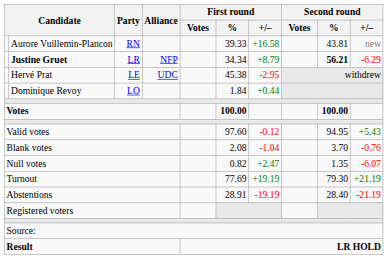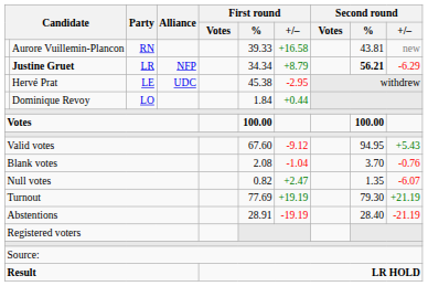 <table class="wikitable" style="text-align:right;font-size:95%;">
 <tr>
 <th rowspan="2" colspan="2">Candidate</th>
 <th colspan="1" rowspan="2">Party</th>
 <th colspan="1" rowspan="2">Alliance</th>
 <th colspan="3">First round</th>
 <th colspan="3">Second round</th>
 </tr>
 <tr>
 <th style="width:50px;">Votes</th>
 <th style="width:45px;">%</th>
 <th style="width:45px;">+/–</th>
 <th style="width:50px;">Votes</th>
 <th style="width:45px;">%</th>
 <th style="width:45px;">+/–</th>
 </tr>
 <tr>
 <td style="color:inherit;background:"></td>
 <td style="text-align:left;">Aurore Vuillemin-Plancon</td>
 <td><a href='#'>RN</a></td>
 <td></td>
 <td></td>
 <td>39.33</td>
 <td style="color:green;">+16.58</td>
 <td></td>
 <td>43.81</td>
 <td style="color:grey;">new</td>
 </tr>
 <tr>
 <td style="color:inherit;background:"></td>
 <td style="text-align:left;"><strong>Justine Gruet</strong></td>
 <td><a href='#'>LR</a></td>
 <td><a href='#'>NFP</a></td>
 <td></td>
 <td>34.34</td>
 <td style="color:green;">+8.79</td>
 <td><strong></strong></td>
 <td><strong>56.21</strong></td>
 <td style="color:red;">-6.29</td>
 </tr>
 <tr>
 <td style="color:inherit;background:"></td>
 <td style="text-align:left;">Hervé Prat</td>
 <td><a href='#'>LE</a></td>
 <td><a href='#'>UDC</a></td>
 <td></td>
 <td>45.38</td>
 <td style="color:red;">-2.95</td>
 <td colspan="3" style="background:#E9E9E9;">withdrew</td>
 </tr>
 <tr>
 <td style="color:inherit;background:"></td>
 <td style="text-align:left;">Dominique Revoy</td>
 <td><a href='#'>LO</a></td>
 <td></td>
 <td></td>
 <td>1.84</td>
 <td style="color:green;">+0.44</td>
 <td colspan="3" style="background:#E9E9E9;"></td>
 </tr>
 <tr>
 <td colspan="10" style="background:#E9E9E9;"></td>
 </tr>
 <tr style="font-weight:bold;">
 <td colspan="4" style="text-align:left;">Votes</td>
 <td></td>
 <td>100.00</td>
 <td></td>
 <td></td>
 <td>100.00</td>
 <td></td>
 </tr>
 <tr>
 <td colspan="10" style="background:#E9E9E9;"></td>
 </tr>
 <tr>
 <td colspan="4" style="text-align:left;">Valid votes</td>
 <td></td>
-<td>97.60</td>
-<td style="color:red;">-0.12</td>
+<td>67.60</td>
+<td style="color:red;">-9.12</td>
 <td></td>
 <td>94.95</td>
 <td style="color:green;">+5.43</td>
 </tr>
 <tr>
 <td colspan="4" style="text-align:left;">Blank votes</td>
 <td></td>
 <td>2.08</td>
 <td style="color:red;">-1.04</td>
 <td></td>
 <td>3.70</td>
 <td style="color:red;">-0.76</td>
 </tr>
 <tr>
 <td colspan="4" style="text-align:left;">Null votes</td>
 <td></td>
 <td>0.82</td>
 <td style="color:green;">+2.47</td>
 <td></td>
 <td>1.35</td>
 <td style="color:red;">-6.07</td>
 </tr>
 <tr>
 <td colspan="4" style="text-align:left;">Turnout</td>
 <td></td>
 <td>77.69</td>
 <td style="color:green;">+19.19</td>
 <td></td>
 <td>79.30</td>
 <td style="color:green;">+21.19</td>
 </tr>
 <tr>
 <td colspan="4" style="text-align:left;">Abstentions</td>
 <td></td>
 <td>28.91</td>
 <td style="color:red;">-19.19</td>
 <td></td>
 <td>28.40</td>
 <td style="color:red;">-21.19</td>
 </tr>
 <tr>
 <td colspan="4" style="text-align:left;">Registered voters</td>
 <td></td>
 <td colspan="2" style="background:#E9E9E9;"></td>
 <td></td>
 <td colspan="2" style="background:#E9E9E9;"></td>
 </tr>
 <tr>
 <td colspan="10" style="background:#E9E9E9;"></td>
 </tr>
 <tr>
 <td colspan="10" style="text-align:left;">Source: </td>
 </tr>
 <tr style="font-weight:bold">
 <td colspan="4" style="text-align:left;">Result</td>
 <td colspan="6" style="background-color:">LR HOLD</td>
 </tr>
 </table>
